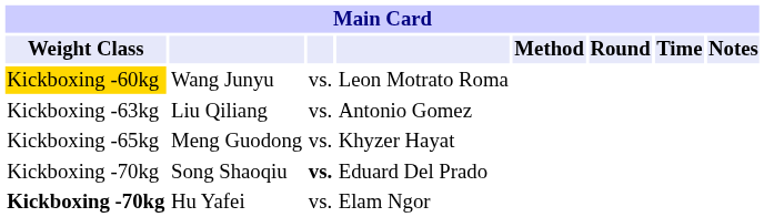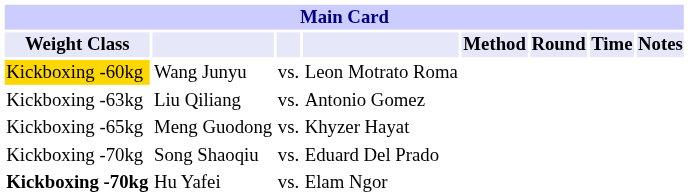 <table class="toccolours" style="font-size: 85%;">
 <tr>
 <th colspan="8" style="background-color: #ccf; color: #000080; text-align: center;"><strong>Main Card</strong></th>
 </tr>
 <tr>
 <th colspan="1" style="background-color: #E6E8FA; color: #000000; text-align: center;">Weight Class</th>
 <th colspan="1" style="background-color: #E6E8FA; color: #000000; text-align: center;"></th>
 <th colspan="1" style="background-color: #E6E8FA; color: #000000; text-align: center;"></th>
 <th colspan="1" style="background-color: #E6E8FA; color: #000000; text-align: center;"></th>
 <th colspan="1" style="background-color: #E6E8FA; color: #000000; text-align: center;">Method</th>
 <th colspan="1" style="background-color: #E6E8FA; color: #000000; text-align: center;">Round</th>
 <th colspan="1" style="background-color: #E6E8FA; color: #000000; text-align: center;">Time</th>
 <th colspan="1" style="background-color: #E6E8FA; color: #000000; text-align: center;">Notes</th>
 </tr>
 <tr>
 <td style="background: gold;">Kickboxing -60kg</td>
 <td> Wang Junyu</td>
 <td align=center>vs.</td>
 <td> Leon Motrato Roma</td>
 <td></td>
 <td align=center></td>
 <td align=center></td>
 </tr>
 <tr>
 <td>Kickboxing -63kg</td>
 <td> Liu Qiliang</td>
 <td align=center>vs.</td>
 <td> Antonio Gomez</td>
 <td></td>
 <td align=center></td>
 <td align=center></td>
 </tr>
 <tr>
 <td>Kickboxing -65kg</td>
 <td> Meng Guodong</td>
 <td align=center>vs.</td>
 <td> Khyzer Hayat</td>
 <td></td>
 <td align=center></td>
 <td align=center></td>
 </tr>
 <tr>
 <td>Kickboxing -70kg</td>
 <td> Song Shaoqiu</td>
-<td align=center><strong>vs.</strong></td>
+<td align=center>vs.</td>
 <td> Eduard Del Prado</td>
 <td></td>
 <td align=center></td>
 <td align=center></td>
 </tr>
 <tr>
 <td><strong>Kickboxing -70kg</strong></td>
 <td> Hu Yafei</td>
 <td align=center>vs.</td>
 <td> Elam Ngor</td>
 <td></td>
 <td align=center></td>
 <td align=center></td>
 </tr>
 </table>
